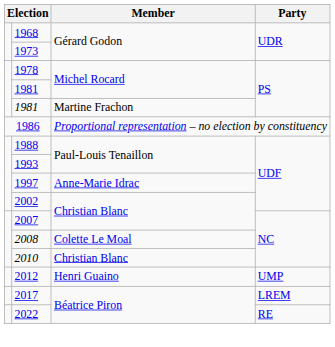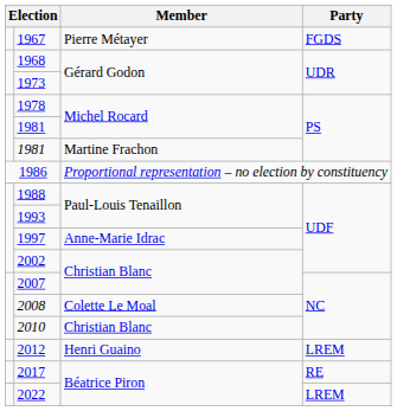 <table class="wikitable">
 <tr>
 <th colspan=2>Election</th>
 <th>Member</th>
 <th>Party</th>
+</tr>
+<tr>
+<td style="color:inherit;background-color: "></td>
+<td><a href='#'>1967</a></td>
+<td>Pierre Métayer</td>
+<td><a href='#'>FGDS</a></td>
 </tr>
 <tr>
 <td rowspan="2" style="color:inherit;background-color: "></td>
 <td><a href='#'>1968</a></td>
 <td rowspan="2">Gérard Godon</td>
 <td rowspan="2"><a href='#'>UDR</a></td>
 </tr>
 <tr>
 <td><a href='#'>1973</a></td>
 </tr>
 <tr>
 <td rowspan="3" style="color:inherit;background-color: "></td>
 <td><a href='#'>1978</a></td>
 <td rowspan="2"><a href='#'>Michel Rocard</a></td>
 <td rowspan="3"><a href='#'>PS</a></td>
 </tr>
 <tr>
 <td><a href='#'>1981</a></td>
 </tr>
 <tr>
 <td><em>1981</em></td>
 <td>Martine Frachon</td>
 </tr>
 <tr>
 <td colspan=2 align="center"><a href='#'>1986</a></td>
 <td colspan=2><em><a href='#'>Proportional representation</a> – no election by constituency</em></td>
 </tr>
 <tr>
 <td rowspan="4" style="color:inherit;background-color: "></td>
 <td><a href='#'>1988</a></td>
 <td rowspan="2">Paul-Louis Tenaillon</td>
 <td rowspan="4"><a href='#'>UDF</a></td>
 </tr>
 <tr>
 <td><a href='#'>1993</a></td>
 </tr>
 <tr>
 <td><a href='#'>1997</a></td>
 <td><a href='#'>Anne-Marie Idrac</a></td>
 </tr>
 <tr>
 <td><a href='#'>2002</a></td>
 <td rowspan="2"><a href='#'>Christian Blanc</a></td>
 </tr>
 <tr>
 <td rowspan="3" style="color:inherit;background-color: "></td>
 <td><a href='#'>2007</a></td>
 <td rowspan="3"><a href='#'>NC</a></td>
 </tr>
 <tr>
 <td><em>2008</em></td>
 <td><a href='#'>Colette Le Moal</a></td>
 </tr>
 <tr>
 <td><em>2010</em></td>
 <td><a href='#'>Christian Blanc</a></td>
 </tr>
 <tr>
 <td style="color:inherit;background-color: "></td>
 <td><a href='#'>2012</a></td>
 <td><a href='#'>Henri Guaino</a></td>
-<td><a href='#'>UMP</a></td>
+<td><a href='#'>LREM</a></td>
 </tr>
 <tr>
 <td style="color:inherit;background-color: "></td>
 <td><a href='#'>2017</a></td>
 <td rowspan="2"><a href='#'>Béatrice Piron</a></td>
-<td><a href='#'>LREM</a></td>
+<td><a href='#'>RE</a></td>
 </tr>
 <tr>
 <td style="color:inherit;background-color: "></td>
 <td><a href='#'>2022</a></td>
-<td><a href='#'>RE</a></td>
+<td><a href='#'>LREM</a></td>
 </tr>
 </table>
